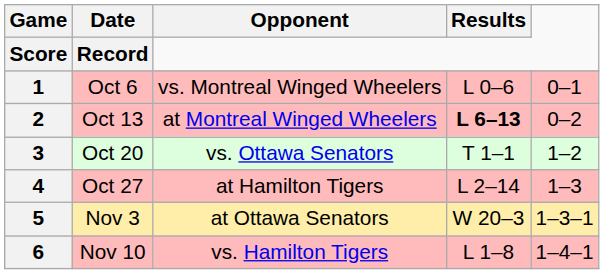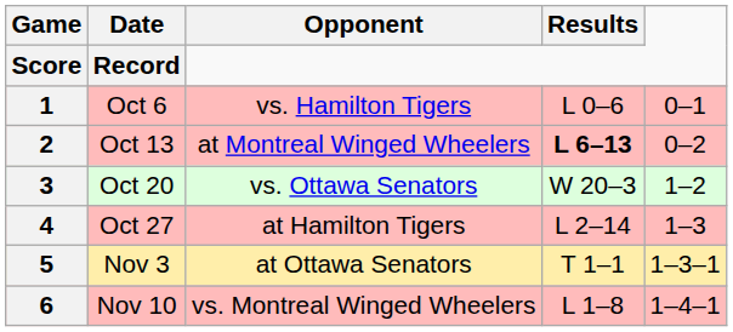 <table class="wikitable" style="text-align:center">
 <tr>
 <th>Game</th>
 <th>Date</th>
 <th>Opponent</th>
 <th>Results</th>
 </tr>
 <tr>
 <th>Score</th>
 <th>Record</th>
 </tr>
 <tr style="background:#ffbbbb">
 <th>1</th>
 <td>Oct 6</td>
-<td>vs. Montreal Winged Wheelers</td>
+<td>vs. <a href='#'>Hamilton Tigers</a></td>
 <td>L 0–6</td>
 <td>0–1</td>
 </tr>
 <tr style="background:#ffbbbb">
 <th>2</th>
 <td>Oct 13</td>
 <td>at <a href='#'>Montreal Winged Wheelers</a></td>
 <td><strong>L 6–13</strong></td>
 <td>0–2</td>
 </tr>
 <tr style="background:#ddffdd">
 <th>3</th>
 <td>Oct 20</td>
 <td>vs. <a href='#'>Ottawa Senators</a></td>
-<td>T 1–1</td>
+<td>W 20–3</td>
 <td>1–2</td>
 </tr>
 <tr style="background:#ffbbbb">
 <th>4</th>
 <td>Oct 27</td>
 <td>at Hamilton Tigers</td>
 <td>L 2–14</td>
 <td>1–3</td>
 </tr>
 <tr style="background:#ffeeaa">
 <th>5</th>
 <td>Nov 3</td>
 <td>at Ottawa Senators</td>
-<td>W 20–3</td>
+<td>T 1–1</td>
 <td>1–3–1</td>
 </tr>
 <tr style="background:#ffbbbb">
 <th>6</th>
 <td>Nov 10</td>
-<td>vs. <a href='#'>Hamilton Tigers</a></td>
+<td>vs. Montreal Winged Wheelers</td>
 <td>L 1–8</td>
 <td>1–4–1</td>
 </tr>
 </table>
